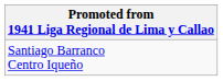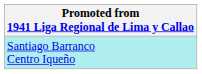 <table class="wikitable">
 <tr>
 <th>Promoted from<br><a href='#'>1941 Liga Regional de Lima y Callao</a></th>
 </tr>
 <tr>
-<td> <a href='#'>Santiago Barranco</a> <br> <a href='#'>Centro Iqueño</a> </td>
+<td style="background: paleturquoise;"> <a href='#'>Santiago Barranco</a> <br> <a href='#'>Centro Iqueño</a> </td>
 </tr>
 </table>
